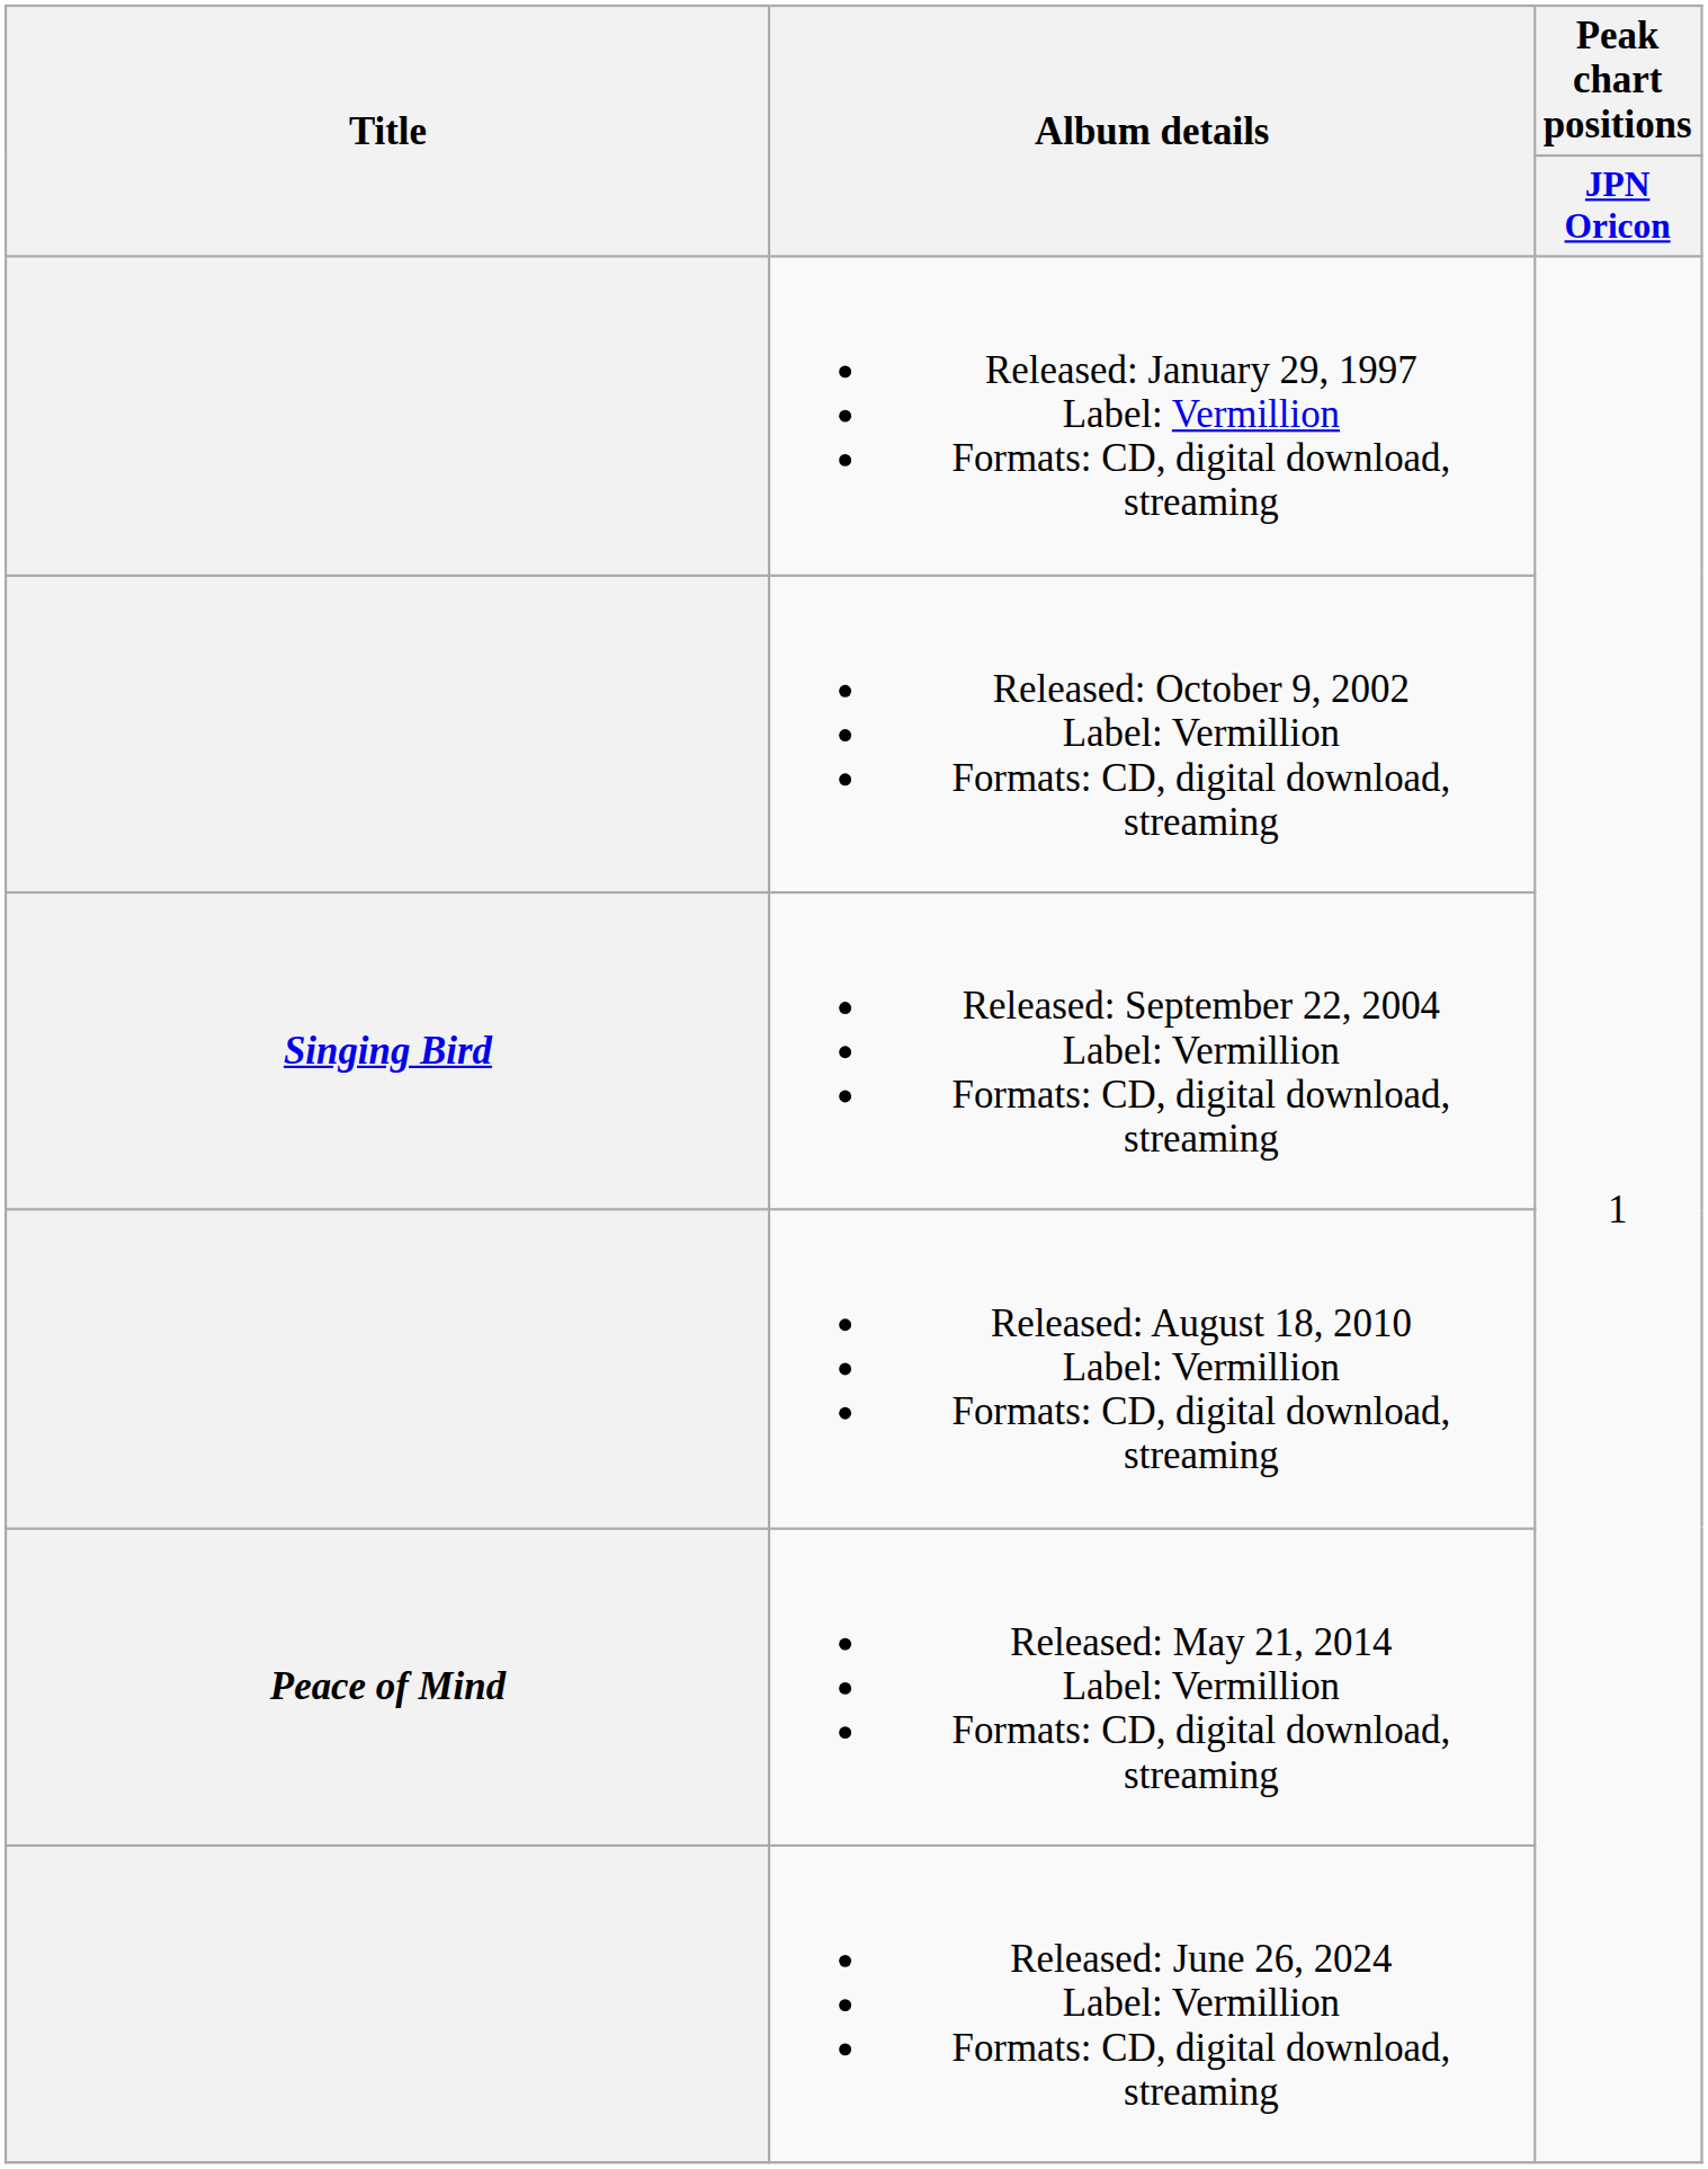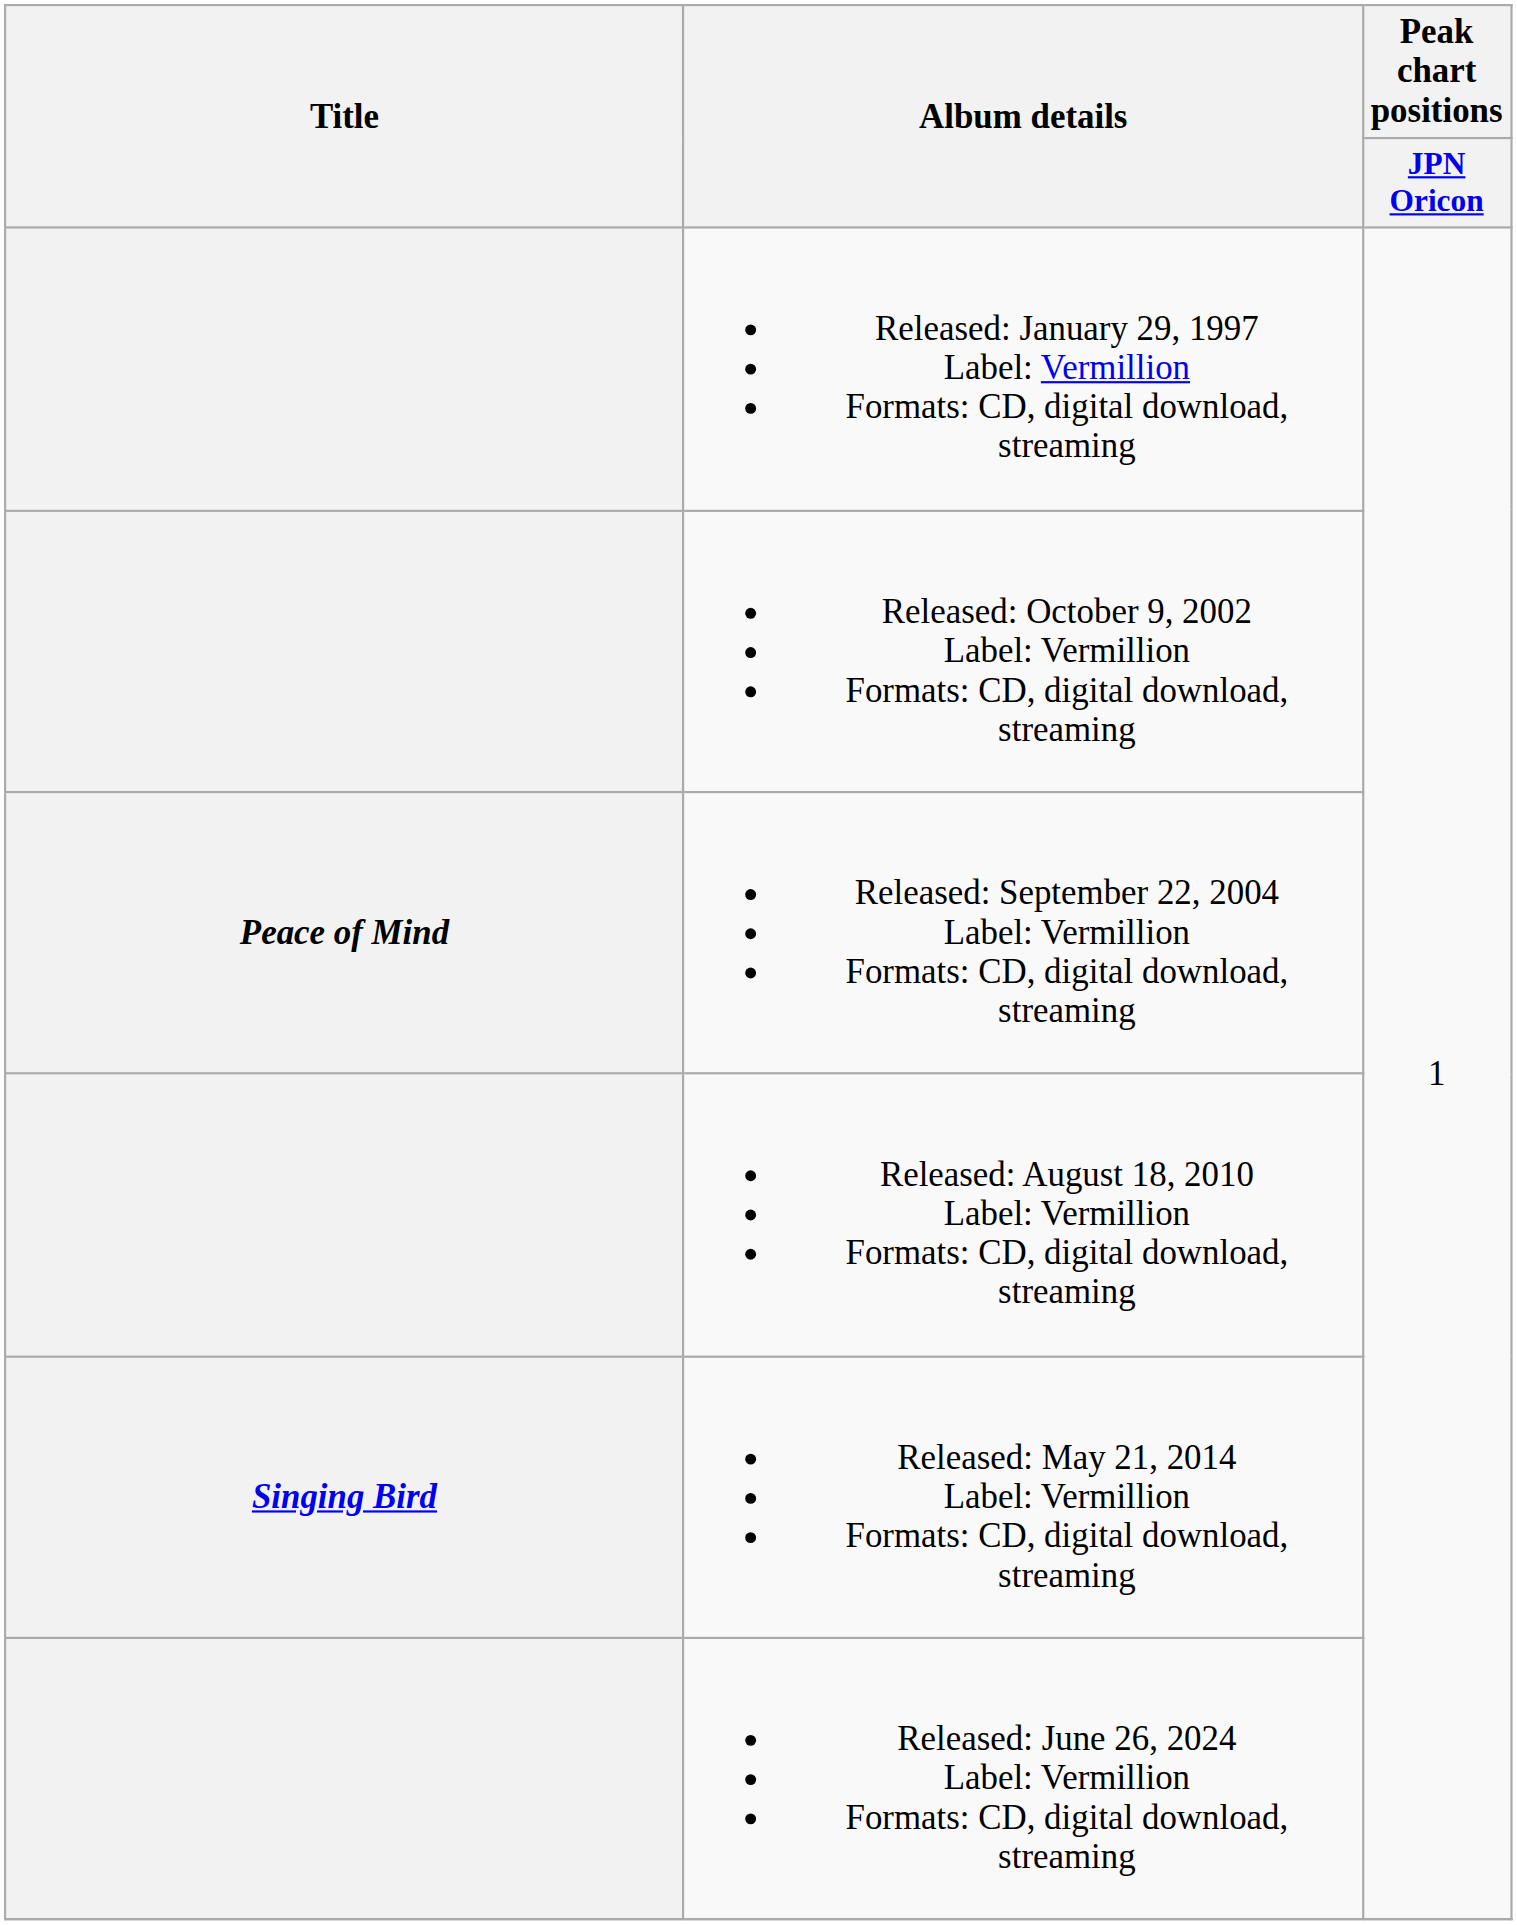 <table class="wikitable plainrowheaders" style="text-align:center;">
 <tr>
 <th scope="col" rowspan="2" style="width:19em;">Title</th>
 <th scope="col" rowspan="2" style="width:19em;">Album details</th>
 <th scope="col" colspan="1">Peak<br>chart<br>positions</th>
 </tr>
 <tr>
 <th scope="col" style="width:2.9em;font-size:90%;"><a href='#'>JPN<br>Oricon</a><br></th>
 </tr>
 <tr>
 <th scope="row"></th>
 <td><br><ul><li>Released: January 29, 1997</li><li>Label: <a href='#'>Vermillion</a></li><li>Formats: CD, digital download, streaming</li></ul></td>
 <td rowspan="6">1</td>
 </tr>
 <tr>
 <th scope="row"></th>
 <td><br><ul><li>Released: October 9, 2002</li><li>Label: Vermillion</li><li>Formats: CD, digital download, streaming</li></ul></td>
 </tr>
 <tr>
-<th scope="row"><em><a href='#'>Singing Bird</a></em></th>
+<th scope="row"><em>Peace of Mind</em></th>
 <td><br><ul><li>Released: September 22, 2004</li><li>Label: Vermillion</li><li>Formats: CD, digital download, streaming</li></ul></td>
 </tr>
 <tr>
 <th scope="row"></th>
 <td><br><ul><li>Released: August 18, 2010</li><li>Label: Vermillion</li><li>Formats: CD, digital download, streaming</li></ul></td>
 </tr>
 <tr>
-<th scope="row"><em>Peace of Mind</em></th>
+<th scope="row"><em><a href='#'>Singing Bird</a></em></th>
 <td><br><ul><li>Released: May 21, 2014</li><li>Label: Vermillion</li><li>Formats: CD, digital download, streaming</li></ul></td>
 </tr>
 <tr>
 <th scope="row"></th>
 <td><br><ul><li>Released: June 26, 2024</li><li>Label: Vermillion</li><li>Formats: CD, digital download, streaming</li></ul></td>
 </tr>
 <tr>
 </tr>
 </table>
